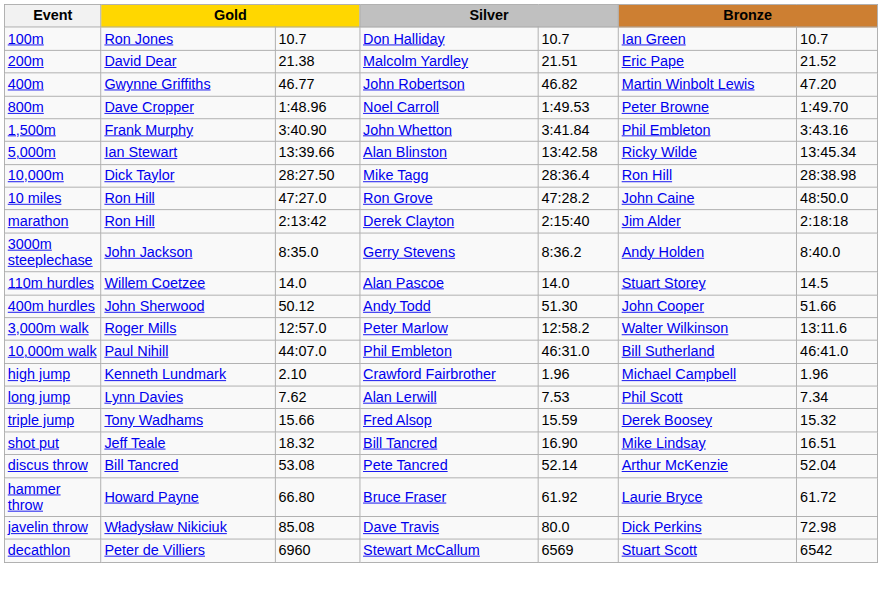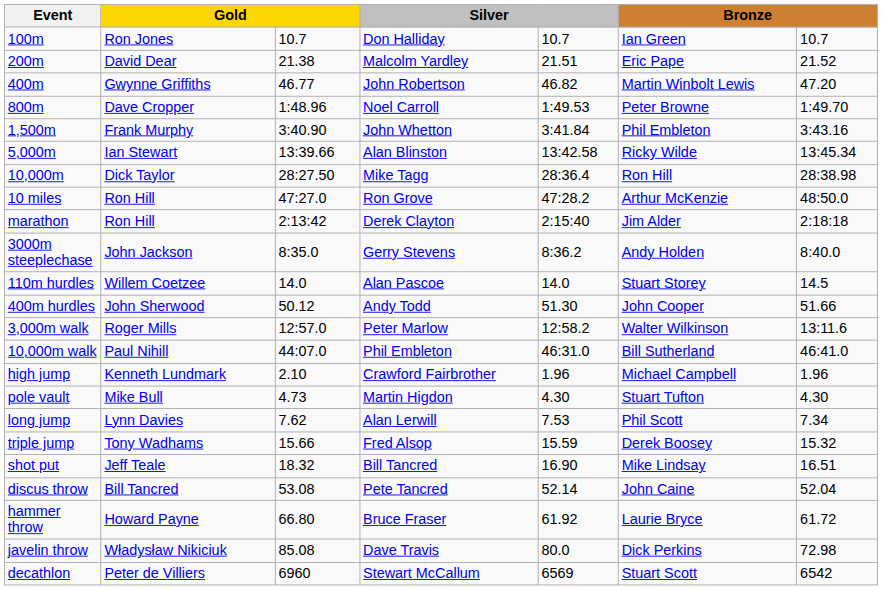 <table class="wikitable" style="text-align:left">
 <tr>
 <th width=100>Event</th>
 <th colspan="2" width="280" style="background:gold;">Gold</th>
 <th colspan="2" width="280" style="background:silver;">Silver</th>
 <th colspan="2" width="280" style="background:#CD7F32;">Bronze</th>
 </tr>
 <tr>
 <td><a href='#'>100m</a></td>
 <td> <a href='#'>Ron Jones</a></td>
 <td>10.7</td>
 <td> <a href='#'>Don Halliday</a></td>
 <td>10.7</td>
 <td><a href='#'>Ian Green</a></td>
 <td>10.7</td>
 </tr>
 <tr>
 <td><a href='#'>200m</a></td>
 <td><a href='#'>David Dear</a></td>
 <td>21.38</td>
 <td><a href='#'>Malcolm Yardley</a></td>
 <td>21.51</td>
 <td><a href='#'>Eric Pape</a></td>
 <td>21.52</td>
 </tr>
 <tr>
 <td><a href='#'>400m</a></td>
 <td><a href='#'>Gwynne Griffiths</a></td>
 <td>46.77</td>
 <td><a href='#'>John Robertson</a></td>
 <td>46.82</td>
 <td><a href='#'>Martin Winbolt Lewis</a></td>
 <td>47.20</td>
 </tr>
 <tr>
 <td><a href='#'>800m</a></td>
 <td><a href='#'>Dave Cropper</a></td>
 <td>1:48.96</td>
 <td> <a href='#'>Noel Carroll</a></td>
 <td>1:49.53</td>
 <td><a href='#'>Peter Browne</a></td>
 <td>1:49.70</td>
 </tr>
 <tr>
 <td><a href='#'>1,500m</a></td>
 <td> <a href='#'>Frank Murphy</a></td>
 <td>3:40.90</td>
 <td><a href='#'>John Whetton</a></td>
 <td>3:41.84</td>
 <td><a href='#'>Phil Embleton</a></td>
 <td>3:43.16</td>
 </tr>
 <tr>
 <td><a href='#'>5,000m</a></td>
 <td><a href='#'>Ian Stewart</a></td>
 <td>13:39.66</td>
 <td><a href='#'>Alan Blinston</a></td>
 <td>13:42.58</td>
 <td><a href='#'>Ricky Wilde</a></td>
 <td>13:45.34</td>
 </tr>
 <tr>
 <td><a href='#'>10,000m</a></td>
 <td><a href='#'>Dick Taylor</a></td>
 <td>28:27.50</td>
 <td><a href='#'>Mike Tagg</a></td>
 <td>28:36.4</td>
 <td><a href='#'>Ron Hill</a></td>
 <td>28:38.98</td>
 </tr>
 <tr>
 <td><a href='#'>10 miles</a></td>
 <td><a href='#'>Ron Hill</a></td>
 <td>47:27.0</td>
 <td><a href='#'>Ron Grove</a></td>
 <td>47:28.2</td>
-<td><a href='#'>John Caine</a></td>
+<td><a href='#'>Arthur McKenzie</a></td>
 <td>48:50.0</td>
 </tr>
 <tr>
 <td><a href='#'>marathon</a></td>
 <td><a href='#'>Ron Hill</a></td>
 <td>2:13:42</td>
 <td> <a href='#'>Derek Clayton</a></td>
 <td>2:15:40</td>
 <td> <a href='#'>Jim Alder</a></td>
 <td>2:18:18</td>
 </tr>
 <tr>
 <td><a href='#'>3000m steeplechase</a></td>
 <td><a href='#'>John Jackson</a></td>
 <td>8:35.0</td>
 <td><a href='#'>Gerry Stevens</a></td>
 <td>8:36.2</td>
 <td><a href='#'>Andy Holden</a></td>
 <td>8:40.0</td>
 </tr>
 <tr>
 <td><a href='#'>110m hurdles</a></td>
 <td> <a href='#'>Willem Coetzee</a></td>
 <td>14.0</td>
 <td><a href='#'>Alan Pascoe</a></td>
 <td>14.0</td>
 <td><a href='#'>Stuart Storey</a></td>
 <td>14.5</td>
 </tr>
 <tr>
 <td><a href='#'>400m hurdles</a></td>
 <td><a href='#'>John Sherwood</a></td>
 <td>50.12</td>
 <td><a href='#'>Andy Todd</a></td>
 <td>51.30</td>
 <td><a href='#'>John Cooper</a></td>
 <td>51.66</td>
 </tr>
 <tr>
 <td><a href='#'>3,000m walk</a></td>
 <td><a href='#'>Roger Mills</a></td>
 <td>12:57.0</td>
 <td><a href='#'>Peter Marlow</a></td>
 <td>12:58.2</td>
 <td><a href='#'>Walter Wilkinson</a></td>
 <td>13:11.6</td>
 </tr>
 <tr>
 <td><a href='#'>10,000m walk</a></td>
 <td><a href='#'>Paul Nihill</a></td>
 <td>44:07.0</td>
 <td><a href='#'>Phil Embleton</a></td>
 <td>46:31.0</td>
 <td> <a href='#'>Bill Sutherland</a></td>
 <td>46:41.0</td>
 </tr>
 <tr>
 <td><a href='#'>high jump</a></td>
 <td> <a href='#'>Kenneth Lundmark</a></td>
 <td>2.10</td>
 <td> <a href='#'>Crawford Fairbrother</a></td>
 <td>1.96</td>
 <td><a href='#'>Michael Campbell</a></td>
 <td>1.96</td>
 </tr>
 <tr>
+<td><a href='#'>pole vault</a></td>
+<td><a href='#'>Mike Bull</a></td>
+<td>4.73</td>
+<td><a href='#'>Martin Higdon</a></td>
+<td>4.30</td>
+<td><a href='#'>Stuart Tufton</a></td>
+<td>4.30</td>
+</tr>
+<tr>
 <td><a href='#'>long jump</a></td>
 <td> <a href='#'>Lynn Davies</a></td>
 <td>7.62</td>
 <td><a href='#'>Alan Lerwill</a></td>
 <td>7.53</td>
 <td><a href='#'>Phil Scott</a></td>
 <td>7.34</td>
 </tr>
 <tr>
 <td><a href='#'>triple jump</a></td>
 <td><a href='#'>Tony Wadhams</a></td>
 <td>15.66</td>
 <td><a href='#'>Fred Alsop</a></td>
 <td>15.59</td>
 <td><a href='#'>Derek Boosey</a></td>
 <td>15.32</td>
 </tr>
 <tr>
 <td><a href='#'>shot put</a></td>
 <td><a href='#'>Jeff Teale</a></td>
 <td>18.32</td>
 <td><a href='#'>Bill Tancred</a></td>
 <td>16.90</td>
 <td> <a href='#'>Mike Lindsay</a></td>
 <td>16.51</td>
 </tr>
 <tr>
 <td><a href='#'>discus throw</a></td>
 <td><a href='#'>Bill Tancred</a></td>
 <td>53.08</td>
 <td><a href='#'>Pete Tancred</a></td>
 <td>52.14</td>
-<td><a href='#'>Arthur McKenzie</a></td>
+<td><a href='#'>John Caine</a></td>
 <td>52.04</td>
 </tr>
 <tr>
 <td><a href='#'>hammer throw</a></td>
 <td><a href='#'>Howard Payne</a></td>
 <td>66.80</td>
 <td><a href='#'>Bruce Fraser</a></td>
 <td>61.92</td>
 <td> <a href='#'>Laurie Bryce</a></td>
 <td>61.72</td>
 </tr>
 <tr>
 <td><a href='#'>javelin throw</a></td>
 <td> <a href='#'>Władysław Nikiciuk</a></td>
 <td>85.08</td>
 <td><a href='#'>Dave Travis</a></td>
 <td>80.0</td>
 <td><a href='#'>Dick Perkins</a></td>
 <td>72.98</td>
 </tr>
 <tr>
 <td><a href='#'>decathlon</a></td>
 <td> <a href='#'>Peter de Villiers</a></td>
 <td>6960</td>
 <td> <a href='#'>Stewart McCallum</a></td>
 <td>6569</td>
 <td><a href='#'>Stuart Scott</a></td>
 <td>6542</td>
 </tr>
 </table>
